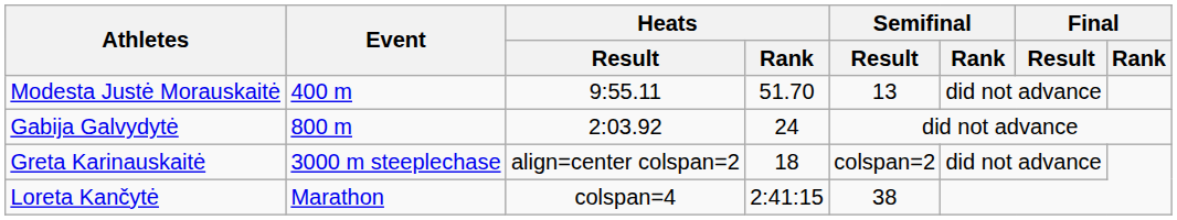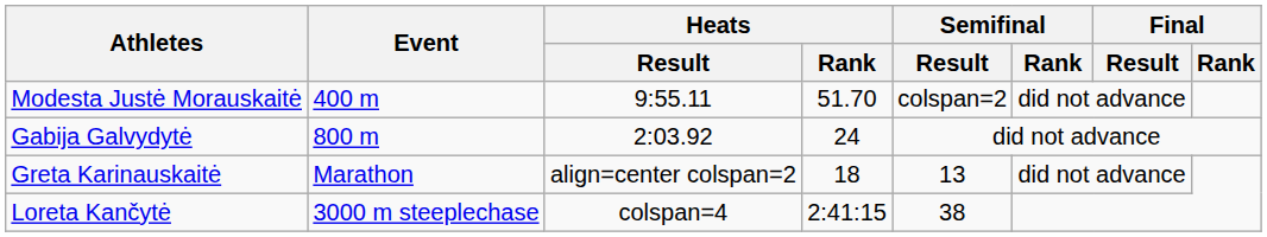 <table class="wikitable" border="1" style="font-size:90%">
 <tr>
 <th rowspan="2">Athletes</th>
 <th rowspan="2">Event</th>
 <th colspan="2">Heats</th>
 <th colspan="2">Semifinal</th>
 <th colspan="2">Final</th>
 </tr>
 <tr>
 <th>Result</th>
 <th>Rank</th>
 <th>Result</th>
 <th>Rank</th>
 <th>Result</th>
 <th>Rank</th>
 </tr>
 <tr align=center>
 <td align=left><a href='#'>Modesta Justė Morauskaitė</a></td>
 <td align=left><a href='#'>400 m</a></td>
 <td>9:55.11</td>
 <td>51.70</td>
-<td>13</td>
+<td>colspan=2 </td>
 <td align=center colspan=2>did not advance</td>
 </tr>
 <tr align=center>
 <td align=left><a href='#'>Gabija Galvydytė</a></td>
 <td align=left><a href='#'>800 m</a></td>
 <td>2:03.92</td>
 <td>24</td>
 <td align=center colspan=4>did not advance</td>
 </tr>
 <tr align=center>
 <td align=left><a href='#'>Greta Karinauskaitė</a></td>
-<td align=left><a href='#'>3000 m steeplechase</a></td>
+<td align=left><a href='#'>Marathon</a></td>
 <td>align=center colspan=2 </td>
 <td>18</td>
-<td>colspan=2 </td>
+<td>13</td>
 <td align=center colspan=2>did not advance</td>
 </tr>
 <tr align=center>
 <td align=left><a href='#'>Loreta Kančytė</a></td>
-<td align=left><a href='#'>Marathon</a></td>
+<td align=left><a href='#'>3000 m steeplechase</a></td>
 <td>colspan=4 </td>
 <td>2:41:15</td>
 <td>38</td>
 </tr>
 </table>
